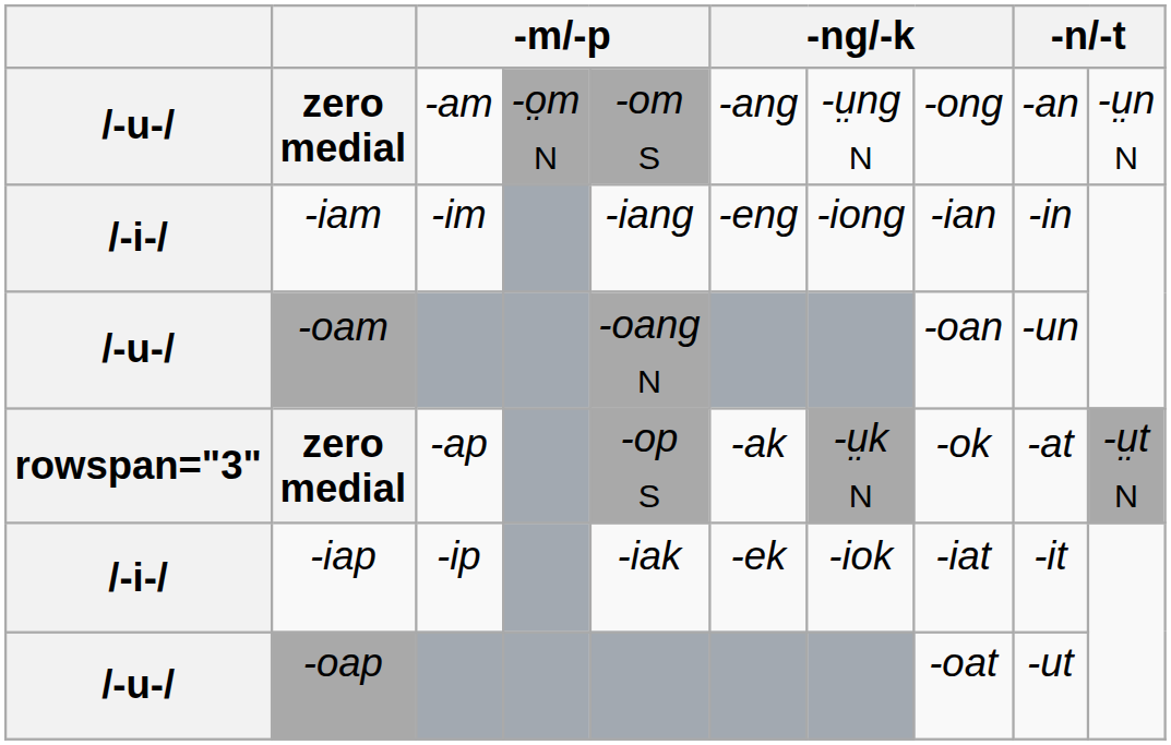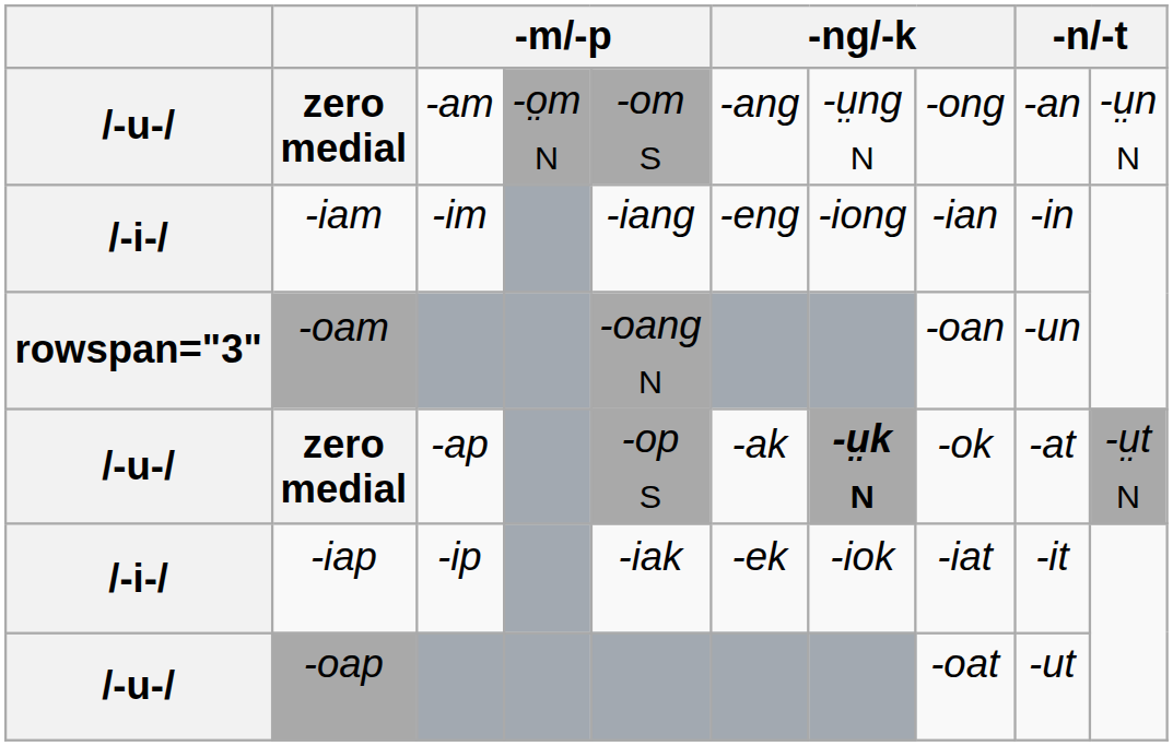 <table class="wikitable" style="text-align:center;">
 <tr>
 <th></th>
 <th></th>
 <th colspan="3">-m/-p</th>
 <th colspan="3">-ng/-k</th>
 <th colspan="2">-n/-t</th>
 </tr>
 <tr>
 <th>/-u-/</th>
 <th>zero<br>medial</th>
 <td><em>-am</em> <br><br></td>
 <td style="background-color:DarkGray;"><em>-o̤m</em> <br><sub>N</sub><br></td>
 <td style="background-color:DarkGray;"><em>-om</em> <br><sub>S</sub><br></td>
 <td><em>-ang</em> <br><br></td>
 <td><em>-ṳng</em> <br><sub>N</sub><br></td>
 <td><em>-ong</em> <br><br></td>
 <td><em>-an</em> <br><br></td>
 <td><em>-ṳn</em> <br><sub>N</sub><br></td>
 </tr>
 <tr>
 <th>/-i-/</th>
 <td><em>-iam</em> <br><br></td>
 <td><em>-im</em> <br><br></td>
 <td style="background-color:#A2A9B1;"></td>
 <td><em>-iang</em> <br><br></td>
 <td><em>-eng</em> <br><br></td>
 <td><em>-iong</em> <br><br></td>
 <td><em>-ian</em> <br><br></td>
 <td><em>-in</em> <br><br></td>
 </tr>
 <tr>
-<th>/-u-/</th>
+<th>rowspan="3" </th>
 <td style="background-color:DarkGray;"><em>-oam</em> <br><br></td>
 <td style="background-color:#A2A9B1;"></td>
 <td style="background-color:#A2A9B1;"></td>
 <td style="background-color:DarkGray;"><em>-oang</em> <br><sub>N</sub><br></td>
 <td style="background-color:#A2A9B1;"></td>
 <td style="background-color:#A2A9B1;"></td>
 <td><em>-oan</em> <br><br></td>
 <td><em>-un</em> <br><br></td>
 </tr>
 <tr>
-<th>rowspan="3" </th>
+<th>/-u-/</th>
 <th>zero<br>medial</th>
 <td><em>-ap</em> <br><br></td>
 <td style="background-color:#A2A9B1;"></td>
 <td style="background-color:DarkGray;"><em>-op</em><br><sub>S</sub><br></td>
 <td><em>-ak</em> <br><br></td>
-<td style="background-color:DarkGray;"><em>-ṳk</em> <br><sub>N</sub><br></td>
+<td style="background-color:DarkGray;"><strong><em>-ṳk</em> <br><sub>N</sub><br></strong></td>
 <td><em>-ok</em> <br><br></td>
 <td><em>-at</em> <br><br></td>
 <td style="background-color:DarkGray;"><em>-ṳt</em> <br><sub>N</sub><br></td>
 </tr>
 <tr>
 <th>/-i-/</th>
 <td><em>-iap</em> <br><br></td>
 <td><em>-ip</em> <br><br></td>
 <td style="background-color:#A2A9B1;"></td>
 <td><em>-iak</em> <br><br></td>
 <td><em>-ek</em> <br><br></td>
 <td><em>-iok</em> <br><br></td>
 <td><em>-iat</em> <br><br></td>
 <td><em>-it</em> <br><br></td>
 </tr>
 <tr>
 <th>/-u-/</th>
 <td style="background-color:DarkGray;"><em>-oap</em> <br><br></td>
 <td style="background-color:#A2A9B1;"></td>
 <td style="background-color:#A2A9B1;"></td>
 <td style="background-color:#A2A9B1;"></td>
 <td style="background-color:#A2A9B1;"></td>
 <td style="background-color:#A2A9B1;"></td>
 <td><em>-oat</em> <br><br></td>
 <td><em>-ut</em> <br><br></td>
 </tr>
 </table>
